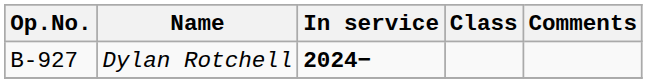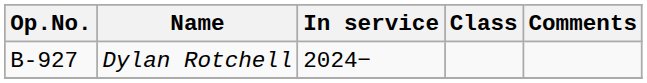 <table class="wikitable">
 <tr>
 <th>Op.No.</th>
 <th>Name</th>
 <th>In service</th>
 <th>Class</th>
 <th>Comments</th>
 </tr>
 <tr>
 <td>B-927</td>
 <td><em>Dylan Rotchell</em></td>
-<td><strong>2024−</strong></td>
+<td>2024−</td>
 <td></td>
 <td></td>
 </tr>
 <tr>
 </tr>
 </table>
